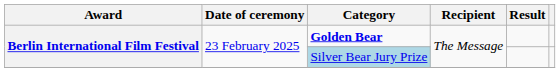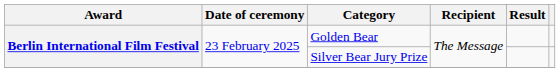 <table class="wikitable sortable plainrowheaders">
 <tr>
 <th>Award</th>
 <th>Date of ceremony</th>
 <th>Category</th>
 <th>Recipient</th>
 <th>Result</th>
 <th></th>
 </tr>
 <tr>
 <th scope="row" rowspan="2"><a href='#'>Berlin International Film Festival</a></th>
 <td rowspan="2"><a href='#'>23 February 2025</a></td>
-<td><strong><a href='#'>Golden Bear</a></strong></td>
+<td><a href='#'>Golden Bear</a></td>
 <td rowspan="2"><em>The Message</em></td>
 <td></td>
 <td align="center"></td>
 </tr>
 <tr>
-<td style="background: lightblue;"><a href='#'>Silver Bear Jury Prize</a></td>
+<td><a href='#'>Silver Bear Jury Prize</a></td>
 <td></td>
 <td align="center"></td>
 </tr>
 <tr>
 </tr>
 </table>
